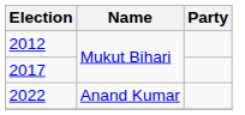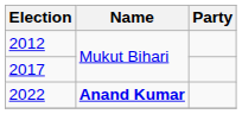 <table class="wikitable sortable">
 <tr>
 <th>Election</th>
 <th>Name</th>
 <th colspan=2>Party</th>
 </tr>
 <tr>
 <td><a href='#'>2012</a></td>
 <td rowspan=2><a href='#'>Mukut Bihari</a></td>
 <td></td>
 </tr>
 <tr>
 <td><a href='#'>2017</a></td>
 </tr>
 <tr>
 <td><a href='#'>2022</a></td>
-<td><a href='#'>Anand Kumar</a></td>
+<td><strong><a href='#'>Anand Kumar</a></strong></td>
 <td></td>
 </tr>
 <tr>
 </tr>
 </table>
